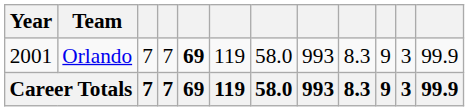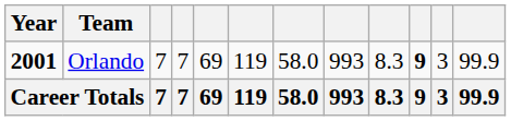 <table class="wikitable sortable">
 <tr style="text-align:center;">
 <th>Year</th>
 <th>Team</th>
 <th></th>
 <th></th>
 <th></th>
 <th></th>
 <th></th>
 <th></th>
 <th></th>
 <th></th>
 <th></th>
 <th></th>
 </tr>
 <tr style="text-align:center;">
-<td>2001</td>
+<td><strong>2001</strong></td>
 <td><a href='#'>Orlando</a></td>
 <td>7</td>
 <td>7</td>
-<td><strong>69</strong></td>
+<td>69</td>
 <td>119</td>
 <td>58.0</td>
 <td>993</td>
 <td>8.3</td>
-<td>9</td>
+<td><strong>9</strong></td>
 <td>3</td>
 <td>99.9</td>
 </tr>
 <tr class="sortbottom" style="text-align:center;">
 <th colspan=2>Career Totals</th>
 <th>7</th>
 <th>7</th>
 <th>69</th>
 <th>119</th>
 <th>58.0</th>
 <th>993</th>
 <th>8.3</th>
 <th>9</th>
 <th>3</th>
 <th>99.9</th>
 </tr>
 </table>
